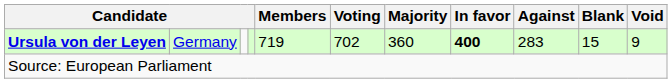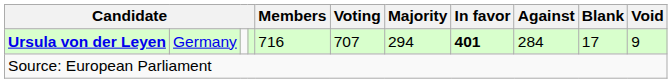 <table class="wikitable">
 <tr>
 <th colspan="4">Candidate</th>
 <th>Members</th>
 <th>Voting</th>
 <th>Majority</th>
 <th>In favor</th>
 <th>Against</th>
 <th>Blank</th>
 <th>Void</th>
 </tr>
 <tr>
 <td scope="row" style="background-color:#d8ffcc"><strong><a href='#'>Ursula von der Leyen</a></strong></td>
 <td style="background-color:#d8ffcc"> <a href='#'>Germany</a></td>
 <td style="background-color:width:1px; background-color:"></td>
 <td style="background-color:#d8ffcc"><strong></strong></td>
-<td style="background-color:#d8ffcc">719</td>
-<td style="background-color:#d8ffcc">702</td>
-<td style="background-color:#d8ffcc">360</td>
-<td style="background-color:#d8ffcc"><strong>400</strong></td>
-<td style="background-color:#d8ffcc">283</td>
-<td style="background-color:#d8ffcc">15</td>
+<td style="background-color:#d8ffcc">716</td>
+<td style="background-color:#d8ffcc">707</td>
+<td style="background-color:#d8ffcc">294</td>
+<td style="background-color:#d8ffcc"><strong>401</strong></td>
+<td style="background-color:#d8ffcc">284</td>
+<td style="background-color:#d8ffcc">17</td>
 <td style="background-color:#d8ffcc">9</td>
 </tr>
 <tr>
 <td colspan="11">Source: European Parliament</td>
 </tr>
 </table>
